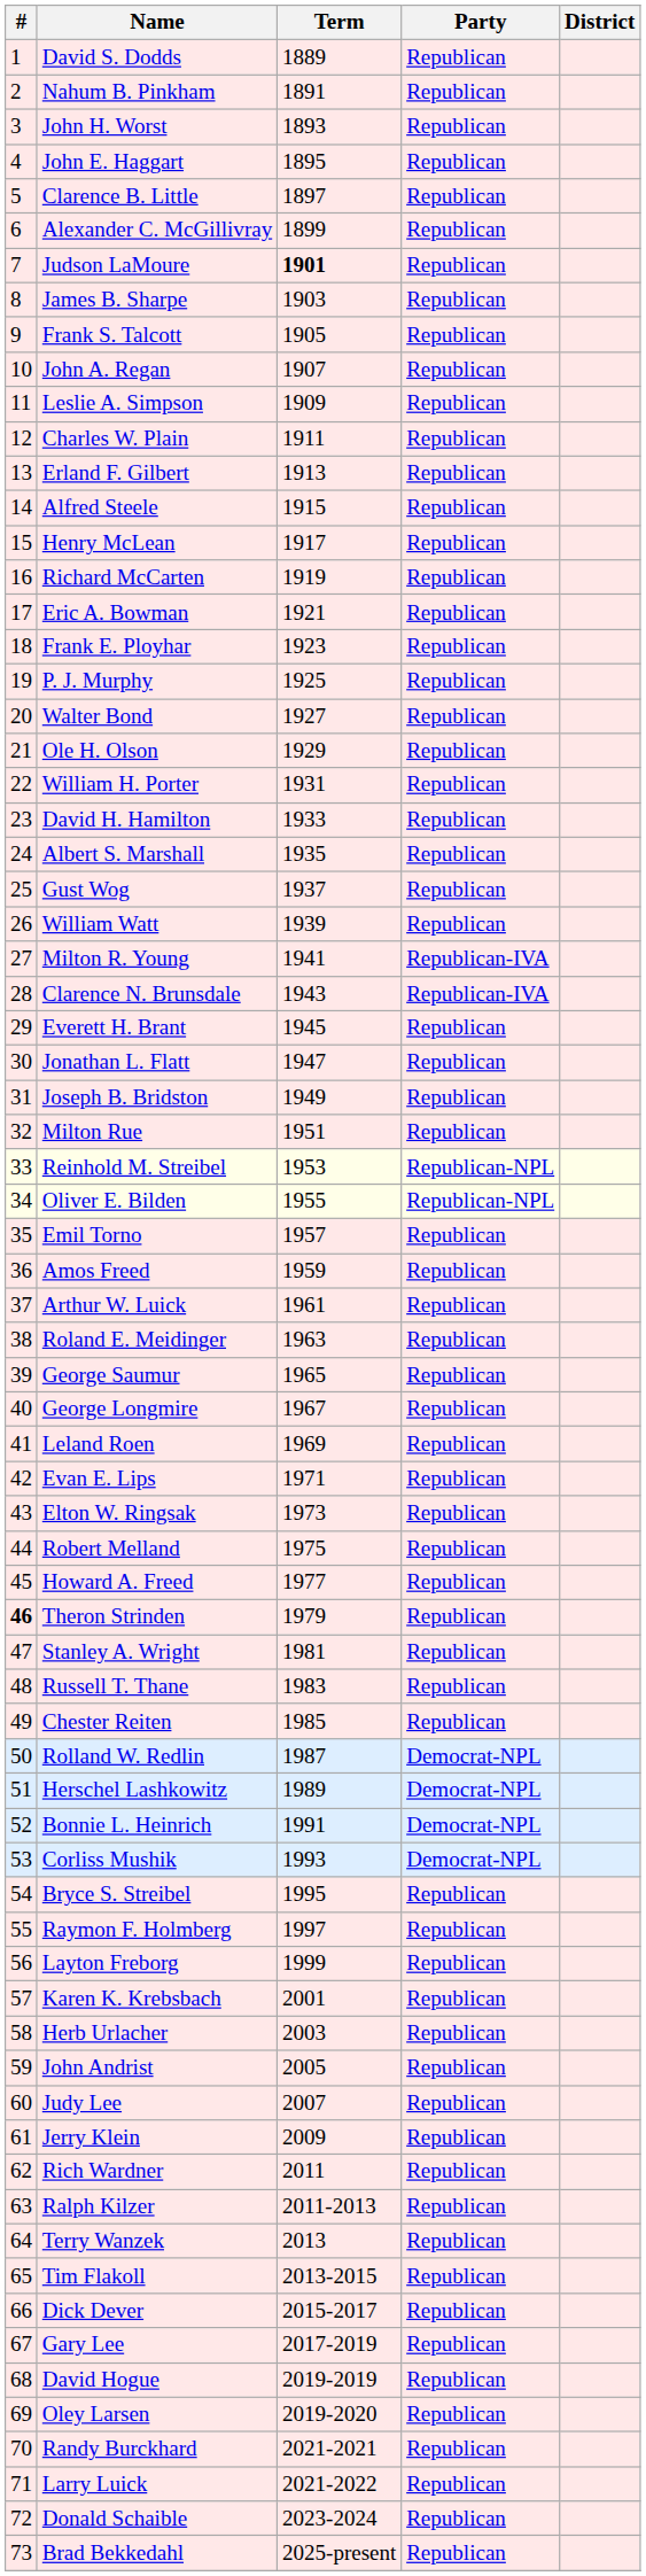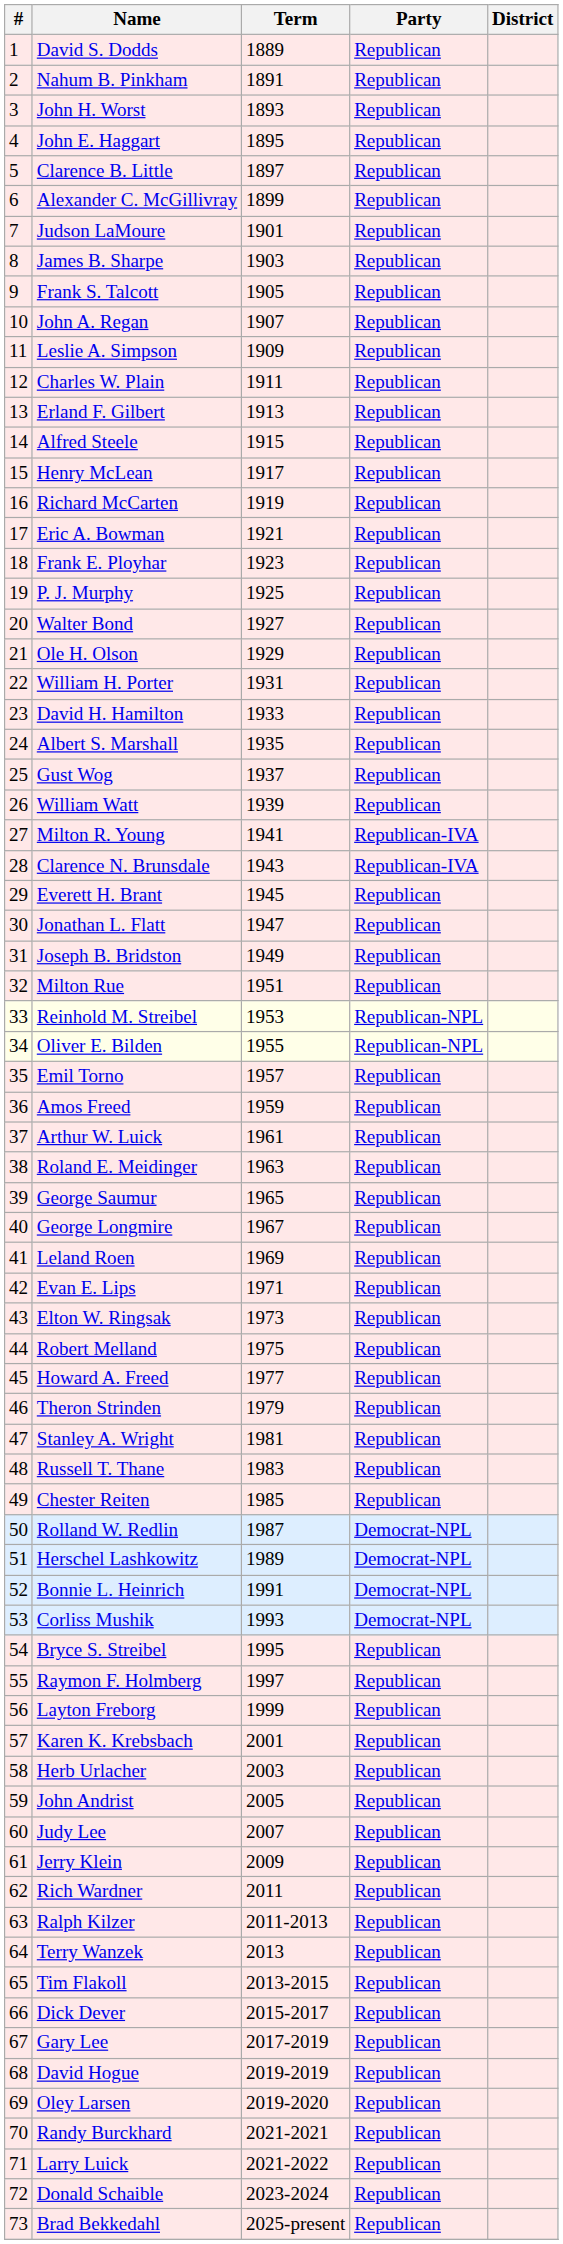 <table class=wikitable>
 <tr>
 <th>#</th>
 <th>Name</th>
 <th>Term</th>
 <th>Party</th>
 <th>District</th>
 </tr>
 <tr bgcolor=#FFE8E8>
 <td>1</td>
 <td><a href='#'>David S. Dodds</a></td>
 <td>1889</td>
 <td><a href='#'>Republican</a></td>
 <td></td>
 </tr>
 <tr bgcolor=#FFE8E8>
 <td>2</td>
 <td><a href='#'>Nahum B. Pinkham</a></td>
 <td>1891</td>
 <td><a href='#'>Republican</a></td>
 <td></td>
 </tr>
 <tr bgcolor=#FFE8E8>
 <td>3</td>
 <td><a href='#'>John H. Worst</a></td>
 <td>1893</td>
 <td><a href='#'>Republican</a></td>
 <td></td>
 </tr>
 <tr bgcolor=#FFE8E8>
 <td>4</td>
 <td><a href='#'>John E. Haggart</a></td>
 <td>1895</td>
 <td><a href='#'>Republican</a></td>
 <td></td>
 </tr>
 <tr bgcolor=#FFE8E8>
 <td>5</td>
 <td><a href='#'>Clarence B. Little</a></td>
 <td>1897</td>
 <td><a href='#'>Republican</a></td>
 <td></td>
 </tr>
 <tr bgcolor=#FFE8E8>
 <td>6</td>
 <td><a href='#'>Alexander C. McGillivray</a></td>
 <td>1899</td>
 <td><a href='#'>Republican</a></td>
 <td></td>
 </tr>
 <tr bgcolor=#FFE8E8>
 <td>7</td>
 <td><a href='#'>Judson LaMoure</a></td>
-<td><strong>1901</strong></td>
+<td>1901</td>
 <td><a href='#'>Republican</a></td>
 <td></td>
 </tr>
 <tr bgcolor=#FFE8E8>
 <td>8</td>
 <td><a href='#'>James B. Sharpe</a></td>
 <td>1903</td>
 <td><a href='#'>Republican</a></td>
 <td></td>
 </tr>
 <tr bgcolor=#FFE8E8>
 <td>9</td>
 <td><a href='#'>Frank S. Talcott</a></td>
 <td>1905</td>
 <td><a href='#'>Republican</a></td>
 <td></td>
 </tr>
 <tr bgcolor=#FFE8E8>
 <td>10</td>
 <td><a href='#'>John A. Regan</a></td>
 <td>1907</td>
 <td><a href='#'>Republican</a></td>
 <td></td>
 </tr>
 <tr bgcolor=#FFE8E8>
 <td>11</td>
 <td><a href='#'>Leslie A. Simpson</a></td>
 <td>1909</td>
 <td><a href='#'>Republican</a></td>
 <td></td>
 </tr>
 <tr bgcolor=#FFE8E8>
 <td>12</td>
 <td><a href='#'>Charles W. Plain</a></td>
 <td>1911</td>
 <td><a href='#'>Republican</a></td>
 <td></td>
 </tr>
 <tr bgcolor=#FFE8E8>
 <td>13</td>
 <td><a href='#'>Erland F. Gilbert</a></td>
 <td>1913</td>
 <td><a href='#'>Republican</a></td>
 <td></td>
 </tr>
 <tr bgcolor=#FFE8E8>
 <td>14</td>
 <td><a href='#'>Alfred Steele</a></td>
 <td>1915</td>
 <td><a href='#'>Republican</a></td>
 <td></td>
 </tr>
 <tr bgcolor=#FFE8E8>
 <td>15</td>
 <td><a href='#'>Henry McLean</a></td>
 <td>1917</td>
 <td><a href='#'>Republican</a></td>
 <td></td>
 </tr>
 <tr bgcolor=#FFE8E8>
 <td>16</td>
 <td><a href='#'>Richard McCarten</a></td>
 <td>1919</td>
 <td><a href='#'>Republican</a></td>
 <td></td>
 </tr>
 <tr bgcolor=#FFE8E8>
 <td>17</td>
 <td><a href='#'>Eric A. Bowman</a></td>
 <td>1921</td>
 <td><a href='#'>Republican</a></td>
 <td></td>
 </tr>
 <tr bgcolor=#FFE8E8>
 <td>18</td>
 <td><a href='#'>Frank E. Ployhar</a></td>
 <td>1923</td>
 <td><a href='#'>Republican</a></td>
 <td></td>
 </tr>
 <tr bgcolor=#FFE8E8>
 <td>19</td>
 <td><a href='#'>P. J. Murphy</a></td>
 <td>1925</td>
 <td><a href='#'>Republican</a></td>
 <td></td>
 </tr>
 <tr bgcolor=#FFE8E8>
 <td>20</td>
 <td><a href='#'>Walter Bond</a></td>
 <td>1927</td>
 <td><a href='#'>Republican</a></td>
 <td></td>
 </tr>
 <tr bgcolor=#FFE8E8>
 <td>21</td>
 <td><a href='#'>Ole H. Olson</a></td>
 <td>1929</td>
 <td><a href='#'>Republican</a></td>
 <td></td>
 </tr>
 <tr bgcolor=#FFE8E8>
 <td>22</td>
 <td><a href='#'>William H. Porter</a></td>
 <td>1931</td>
 <td><a href='#'>Republican</a></td>
 <td></td>
 </tr>
 <tr bgcolor=#FFE8E8>
 <td>23</td>
 <td><a href='#'>David H. Hamilton</a></td>
 <td>1933</td>
 <td><a href='#'>Republican</a></td>
 <td></td>
 </tr>
 <tr bgcolor=#FFE8E8>
 <td>24</td>
 <td><a href='#'>Albert S. Marshall</a></td>
 <td>1935</td>
 <td><a href='#'>Republican</a></td>
 <td></td>
 </tr>
 <tr bgcolor=#FFE8E8>
 <td>25</td>
 <td><a href='#'>Gust Wog</a></td>
 <td>1937</td>
 <td><a href='#'>Republican</a></td>
 <td></td>
 </tr>
 <tr bgcolor=#FFE8E8>
 <td>26</td>
 <td><a href='#'>William Watt</a></td>
 <td>1939</td>
 <td><a href='#'>Republican</a></td>
 <td></td>
 </tr>
 <tr bgcolor=#FFE8E8>
 <td>27</td>
 <td><a href='#'>Milton R. Young</a></td>
 <td>1941</td>
 <td><a href='#'>Republican-IVA</a></td>
 <td></td>
 </tr>
 <tr bgcolor=#FFE8E8>
 <td>28</td>
 <td><a href='#'>Clarence N. Brunsdale</a></td>
 <td>1943</td>
 <td><a href='#'>Republican-IVA</a></td>
 <td></td>
 </tr>
 <tr bgcolor=#FFE8E8>
 <td>29</td>
 <td><a href='#'>Everett H. Brant</a></td>
 <td>1945</td>
 <td><a href='#'>Republican</a></td>
 <td></td>
 </tr>
 <tr bgcolor=#FFE8E8>
 <td>30</td>
 <td><a href='#'>Jonathan L. Flatt</a></td>
 <td>1947</td>
 <td><a href='#'>Republican</a></td>
 <td></td>
 </tr>
 <tr bgcolor=#FFE8E8>
 <td>31</td>
 <td><a href='#'>Joseph B. Bridston</a></td>
 <td>1949</td>
 <td><a href='#'>Republican</a></td>
 <td></td>
 </tr>
 <tr bgcolor=#FFE8E8>
 <td>32</td>
 <td><a href='#'>Milton Rue</a></td>
 <td>1951</td>
 <td><a href='#'>Republican</a></td>
 <td></td>
 </tr>
 <tr bgcolor=#FFFFE8>
 <td>33</td>
 <td><a href='#'>Reinhold M. Streibel</a></td>
 <td>1953</td>
 <td><a href='#'>Republican-NPL</a></td>
 <td></td>
 </tr>
 <tr bgcolor=#FFFFE8>
 <td>34</td>
 <td><a href='#'>Oliver E. Bilden</a></td>
 <td>1955</td>
 <td><a href='#'>Republican-NPL</a></td>
 <td></td>
 </tr>
 <tr bgcolor=#FFE8E8>
 <td>35</td>
 <td><a href='#'>Emil Torno</a></td>
 <td>1957</td>
 <td><a href='#'>Republican</a></td>
 <td></td>
 </tr>
 <tr bgcolor=#FFE8E8>
 <td>36</td>
 <td><a href='#'>Amos Freed</a></td>
 <td>1959</td>
 <td><a href='#'>Republican</a></td>
 <td></td>
 </tr>
 <tr bgcolor=#FFE8E8>
 <td>37</td>
 <td><a href='#'>Arthur W. Luick</a></td>
 <td>1961</td>
 <td><a href='#'>Republican</a></td>
 <td></td>
 </tr>
 <tr bgcolor=#FFE8E8>
 <td>38</td>
 <td><a href='#'>Roland E. Meidinger</a></td>
 <td>1963</td>
 <td><a href='#'>Republican</a></td>
 <td></td>
 </tr>
 <tr bgcolor=#FFE8E8>
 <td>39</td>
 <td><a href='#'>George Saumur</a></td>
 <td>1965</td>
 <td><a href='#'>Republican</a></td>
 <td></td>
 </tr>
 <tr bgcolor=#FFE8E8>
 <td>40</td>
 <td><a href='#'>George Longmire</a></td>
 <td>1967</td>
 <td><a href='#'>Republican</a></td>
 <td></td>
 </tr>
 <tr bgcolor=#FFE8E8>
 <td>41</td>
 <td><a href='#'>Leland Roen</a></td>
 <td>1969</td>
 <td><a href='#'>Republican</a></td>
 <td></td>
 </tr>
 <tr bgcolor=#FFE8E8>
 <td>42</td>
 <td><a href='#'>Evan E. Lips</a></td>
 <td>1971</td>
 <td><a href='#'>Republican</a></td>
 <td></td>
 </tr>
 <tr bgcolor=#FFE8E8>
 <td>43</td>
 <td><a href='#'>Elton W. Ringsak</a></td>
 <td>1973</td>
 <td><a href='#'>Republican</a></td>
 <td></td>
 </tr>
 <tr bgcolor=#FFE8E8>
 <td>44</td>
 <td><a href='#'>Robert Melland</a></td>
 <td>1975</td>
 <td><a href='#'>Republican</a></td>
 <td></td>
 </tr>
 <tr bgcolor=#FFE8E8>
 <td>45</td>
 <td><a href='#'>Howard A. Freed</a></td>
 <td>1977</td>
 <td><a href='#'>Republican</a></td>
 <td></td>
 </tr>
 <tr bgcolor=#FFE8E8>
-<td><strong>46</strong></td>
+<td>46</td>
 <td><a href='#'>Theron Strinden</a></td>
 <td>1979</td>
 <td><a href='#'>Republican</a></td>
 <td></td>
 </tr>
 <tr bgcolor=#FFE8E8>
 <td>47</td>
 <td><a href='#'>Stanley A. Wright</a></td>
 <td>1981</td>
 <td><a href='#'>Republican</a></td>
 <td></td>
 </tr>
 <tr bgcolor=#FFE8E8>
 <td>48</td>
 <td><a href='#'>Russell T. Thane</a></td>
 <td>1983</td>
 <td><a href='#'>Republican</a></td>
 <td></td>
 </tr>
 <tr bgcolor=#FFE8E8>
 <td>49</td>
 <td><a href='#'>Chester Reiten</a></td>
 <td>1985</td>
 <td><a href='#'>Republican</a></td>
 <td></td>
 </tr>
 <tr bgcolor=#DDEEFF>
 <td>50</td>
 <td><a href='#'>Rolland W. Redlin</a></td>
 <td>1987</td>
 <td><a href='#'>Democrat-NPL</a></td>
 <td></td>
 </tr>
 <tr bgcolor=#DDEEFF>
 <td>51</td>
 <td><a href='#'>Herschel Lashkowitz</a></td>
 <td>1989</td>
 <td><a href='#'>Democrat-NPL</a></td>
 <td></td>
 </tr>
 <tr bgcolor=#DDEEFF>
 <td>52</td>
 <td><a href='#'>Bonnie L. Heinrich</a></td>
 <td>1991</td>
 <td><a href='#'>Democrat-NPL</a></td>
 <td></td>
 </tr>
 <tr bgcolor=#DDEEFF>
 <td>53</td>
 <td><a href='#'>Corliss Mushik</a></td>
 <td>1993</td>
 <td><a href='#'>Democrat-NPL</a></td>
 <td></td>
 </tr>
 <tr bgcolor=#FFE8E8>
 <td>54</td>
 <td><a href='#'>Bryce S. Streibel</a></td>
 <td>1995</td>
 <td><a href='#'>Republican</a></td>
 <td></td>
 </tr>
 <tr bgcolor=#FFE8E8>
 <td>55</td>
 <td><a href='#'>Raymon F. Holmberg</a></td>
 <td>1997</td>
 <td><a href='#'>Republican</a></td>
 <td></td>
 </tr>
 <tr bgcolor=#FFE8E8>
 <td>56</td>
 <td><a href='#'>Layton Freborg</a></td>
 <td>1999</td>
 <td><a href='#'>Republican</a></td>
 <td></td>
 </tr>
 <tr bgcolor=#FFE8E8>
 <td>57</td>
 <td><a href='#'>Karen K. Krebsbach</a></td>
 <td>2001</td>
 <td><a href='#'>Republican</a></td>
 <td></td>
 </tr>
 <tr bgcolor=#FFE8E8>
 <td>58</td>
 <td><a href='#'>Herb Urlacher</a></td>
 <td>2003</td>
 <td><a href='#'>Republican</a></td>
 <td></td>
 </tr>
 <tr bgcolor=#FFE8E8>
 <td>59</td>
 <td><a href='#'>John Andrist</a></td>
 <td>2005</td>
 <td><a href='#'>Republican</a></td>
 <td></td>
 </tr>
 <tr bgcolor=#FFE8E8>
 <td>60</td>
 <td><a href='#'>Judy Lee</a></td>
 <td>2007</td>
 <td><a href='#'>Republican</a></td>
 <td></td>
 </tr>
 <tr bgcolor=#FFE8E8>
 <td>61</td>
 <td><a href='#'>Jerry Klein</a></td>
 <td>2009</td>
 <td><a href='#'>Republican</a></td>
 <td></td>
 </tr>
 <tr bgcolor=#FFE8E8>
 <td>62</td>
 <td><a href='#'>Rich Wardner</a></td>
 <td>2011</td>
 <td><a href='#'>Republican</a></td>
 <td></td>
 </tr>
 <tr bgcolor=#FFE8E8>
 <td>63</td>
 <td><a href='#'>Ralph Kilzer</a></td>
 <td>2011-2013</td>
 <td><a href='#'>Republican</a></td>
 <td></td>
 </tr>
 <tr bgcolor=#FFE8E8>
 <td>64</td>
 <td><a href='#'>Terry Wanzek</a></td>
 <td>2013</td>
 <td><a href='#'>Republican</a></td>
 <td></td>
 </tr>
 <tr bgcolor=#FFE8E8>
 <td>65</td>
 <td><a href='#'>Tim Flakoll</a></td>
 <td>2013-2015</td>
 <td><a href='#'>Republican</a></td>
 <td></td>
 </tr>
 <tr bgcolor=#FFE8E8>
 <td>66</td>
 <td><a href='#'>Dick Dever</a></td>
 <td>2015-2017</td>
 <td><a href='#'>Republican</a></td>
 <td></td>
 </tr>
 <tr bgcolor=#FFE8E8>
 <td>67</td>
 <td><a href='#'>Gary Lee</a></td>
 <td>2017-2019</td>
 <td><a href='#'>Republican</a></td>
 <td></td>
 </tr>
 <tr bgcolor=#FFE8E8>
 <td>68</td>
 <td><a href='#'>David Hogue</a></td>
 <td>2019-2019</td>
 <td><a href='#'>Republican</a></td>
 <td></td>
 </tr>
 <tr bgcolor=#FFE8E8>
 <td>69</td>
 <td><a href='#'>Oley Larsen</a></td>
 <td>2019-2020</td>
 <td><a href='#'>Republican</a></td>
 <td></td>
 </tr>
 <tr bgcolor=#FFE8E8>
 <td>70</td>
 <td><a href='#'>Randy Burckhard</a></td>
 <td>2021-2021</td>
 <td><a href='#'>Republican</a></td>
 <td></td>
 </tr>
 <tr bgcolor=#FFE8E8>
 <td>71</td>
 <td><a href='#'>Larry Luick</a></td>
 <td>2021-2022</td>
 <td><a href='#'>Republican</a></td>
 <td></td>
 </tr>
 <tr bgcolor=#FFE8E8>
 <td>72</td>
 <td><a href='#'>Donald Schaible</a></td>
 <td>2023-2024</td>
 <td><a href='#'>Republican</a></td>
 <td></td>
 </tr>
 <tr bgcolor=#FFE8E8>
 <td>73</td>
 <td><a href='#'>Brad Bekkedahl</a></td>
 <td>2025-present</td>
 <td><a href='#'>Republican</a></td>
 <td></td>
 </tr>
 <tr bgcolor=#FFE8E8>
 </tr>
 </table>
